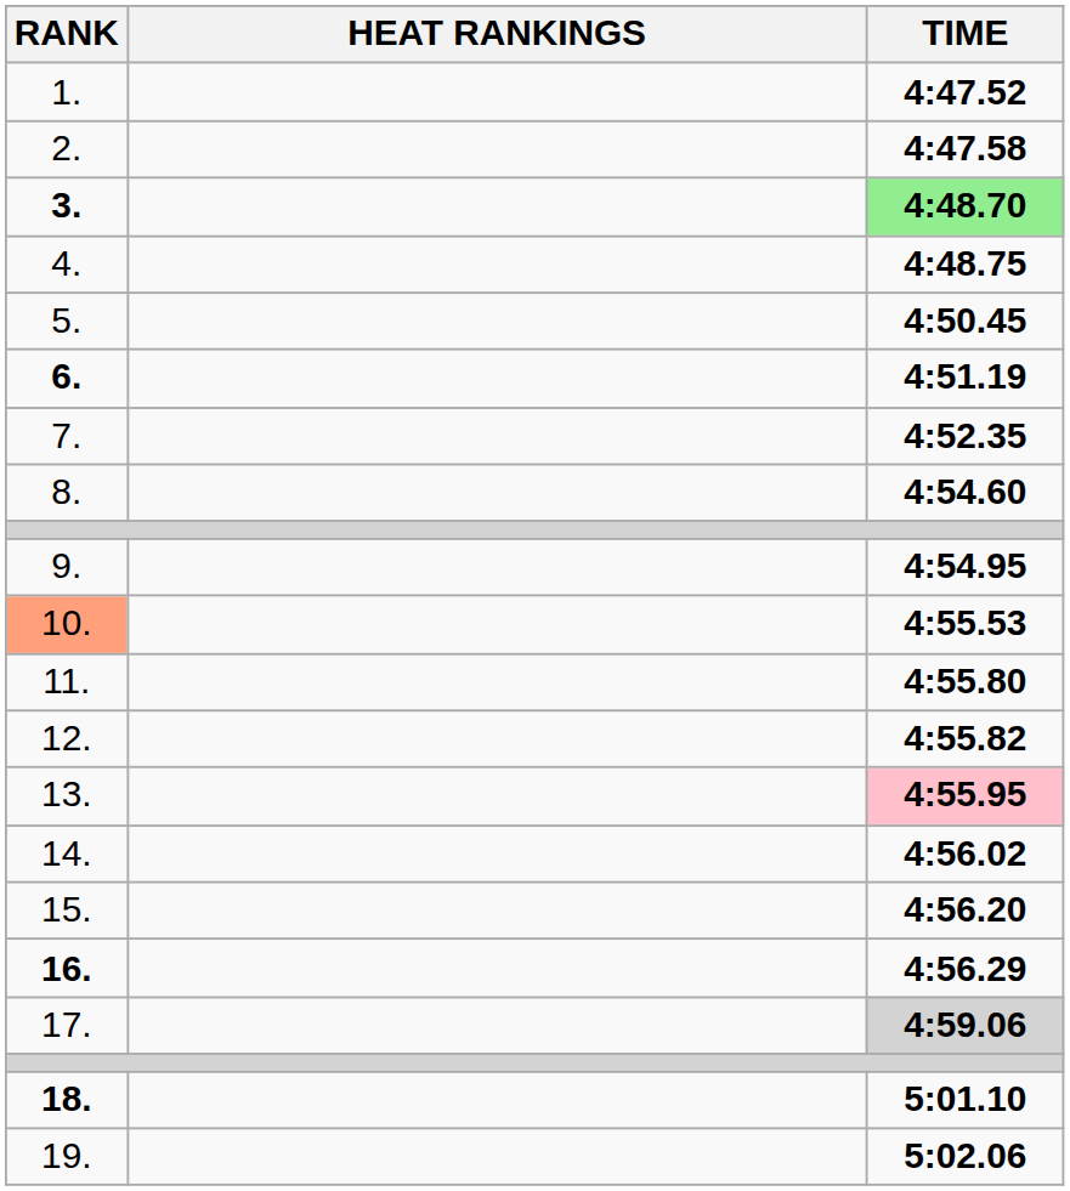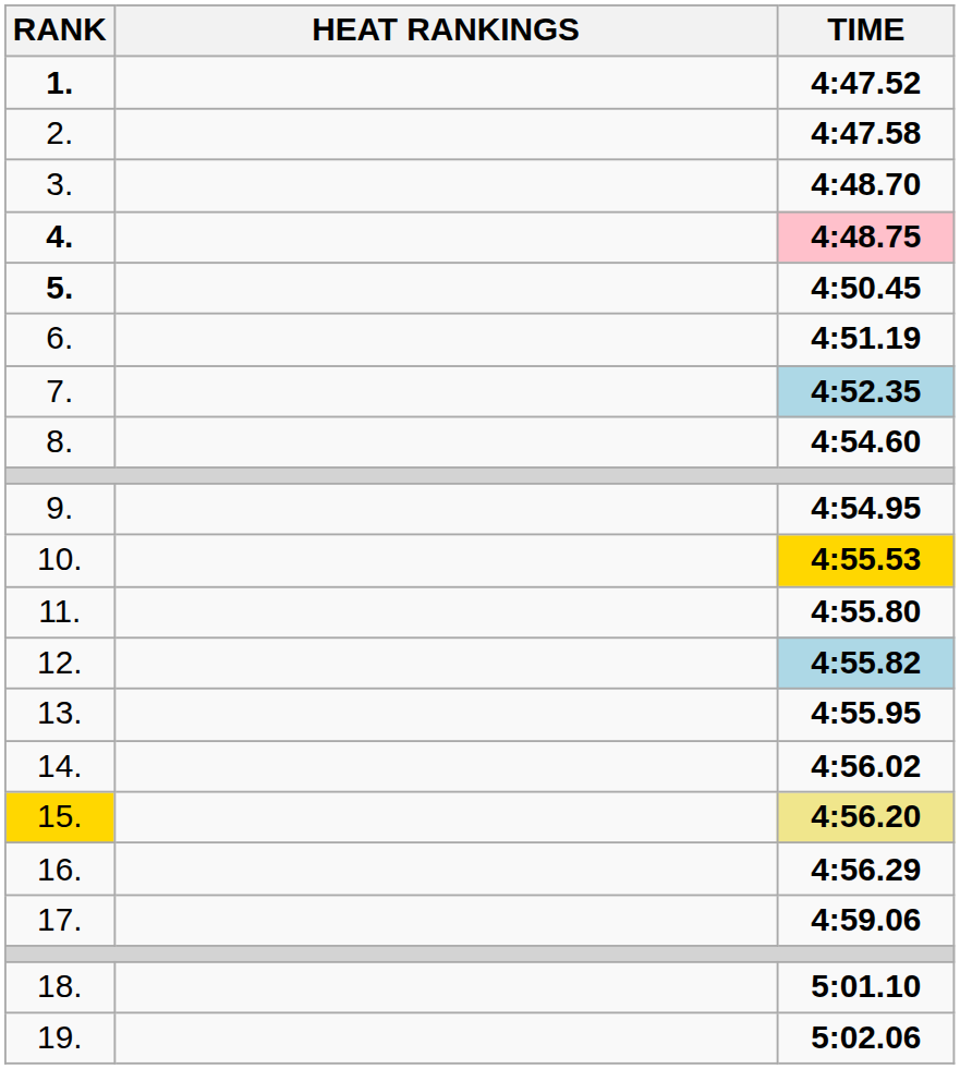 <table class="wikitable">
 <tr>
 <th>RANK</th>
 <th style="width: 20em">HEAT RANKINGS</th>
 <th style="width: 5em">TIME</th>
 </tr>
 <tr>
-<td align="center">1.</td>
+<td align="center"><strong>1.</strong></td>
 <td></td>
 <td align="center"><strong>4:47.52</strong></td>
 </tr>
 <tr>
 <td align="center">2.</td>
 <td></td>
 <td align="center"><strong>4:47.58</strong></td>
 </tr>
 <tr>
-<td align="center"><strong>3.</strong></td>
+<td align="center">3.</td>
 <td></td>
-<td align="center" style="background: lightgreen;"><strong>4:48.70</strong></td>
+<td align="center"><strong>4:48.70</strong></td>
 </tr>
 <tr>
-<td align="center">4.</td>
+<td align="center"><strong>4.</strong></td>
 <td></td>
-<td align="center"><strong>4:48.75</strong></td>
+<td align="center" style="background: pink;"><strong>4:48.75</strong></td>
 </tr>
 <tr>
-<td align="center">5.</td>
+<td align="center"><strong>5.</strong></td>
 <td></td>
 <td align="center"><strong>4:50.45</strong></td>
 </tr>
 <tr>
-<td align="center"><strong>6.</strong></td>
+<td align="center">6.</td>
 <td></td>
 <td align="center"><strong>4:51.19</strong></td>
 </tr>
 <tr>
 <td align="center">7.</td>
 <td></td>
-<td align="center"><strong>4:52.35</strong></td>
+<td align="center" style="background: lightblue;"><strong>4:52.35</strong></td>
 </tr>
 <tr>
 <td align="center">8.</td>
 <td></td>
 <td align="center"><strong>4:54.60</strong></td>
 </tr>
 <tr>
 <td colspan=3 bgcolor=lightgray></td>
 </tr>
 <tr>
 <td align="center">9.</td>
 <td></td>
 <td align="center"><strong>4:54.95</strong></td>
 </tr>
 <tr>
-<td align="center" style="background: lightsalmon;">10.</td>
+<td align="center">10.</td>
 <td></td>
-<td align="center"><strong>4:55.53</strong></td>
+<td align="center" style="background: gold;"><strong>4:55.53</strong></td>
 </tr>
 <tr>
 <td align="center">11.</td>
 <td></td>
 <td align="center"><strong>4:55.80</strong></td>
 </tr>
 <tr>
 <td align="center">12.</td>
 <td></td>
-<td align="center"><strong>4:55.82</strong></td>
+<td align="center" style="background: lightblue;"><strong>4:55.82</strong></td>
 </tr>
 <tr>
 <td align="center">13.</td>
 <td></td>
-<td align="center" style="background: pink;"><strong>4:55.95</strong></td>
+<td align="center"><strong>4:55.95</strong></td>
 </tr>
 <tr>
 <td align="center">14.</td>
 <td> </td>
 <td align="center"><strong>4:56.02</strong></td>
 </tr>
 <tr>
-<td align="center">15.</td>
+<td align="center" style="background: gold;">15.</td>
 <td></td>
-<td align="center"><strong>4:56.20</strong></td>
+<td align="center" style="background: khaki;"><strong>4:56.20</strong></td>
 </tr>
 <tr>
-<td align="center"><strong>16.</strong></td>
+<td align="center">16.</td>
 <td></td>
 <td align="center"><strong>4:56.29</strong></td>
 </tr>
 <tr>
 <td align="center">17.</td>
 <td></td>
-<td align="center" style="background: lightgrey;"><strong>4:59.06</strong></td>
+<td align="center"><strong>4:59.06</strong></td>
 </tr>
 <tr>
 <td colspan=3 bgcolor=lightgray></td>
 </tr>
 <tr>
-<td align="center"><strong>18.</strong></td>
+<td align="center">18.</td>
 <td></td>
 <td align="center"><strong>5:01.10</strong></td>
 </tr>
 <tr>
 <td align="center">19.</td>
 <td></td>
 <td align="center"><strong>5:02.06</strong></td>
 </tr>
 </table>
